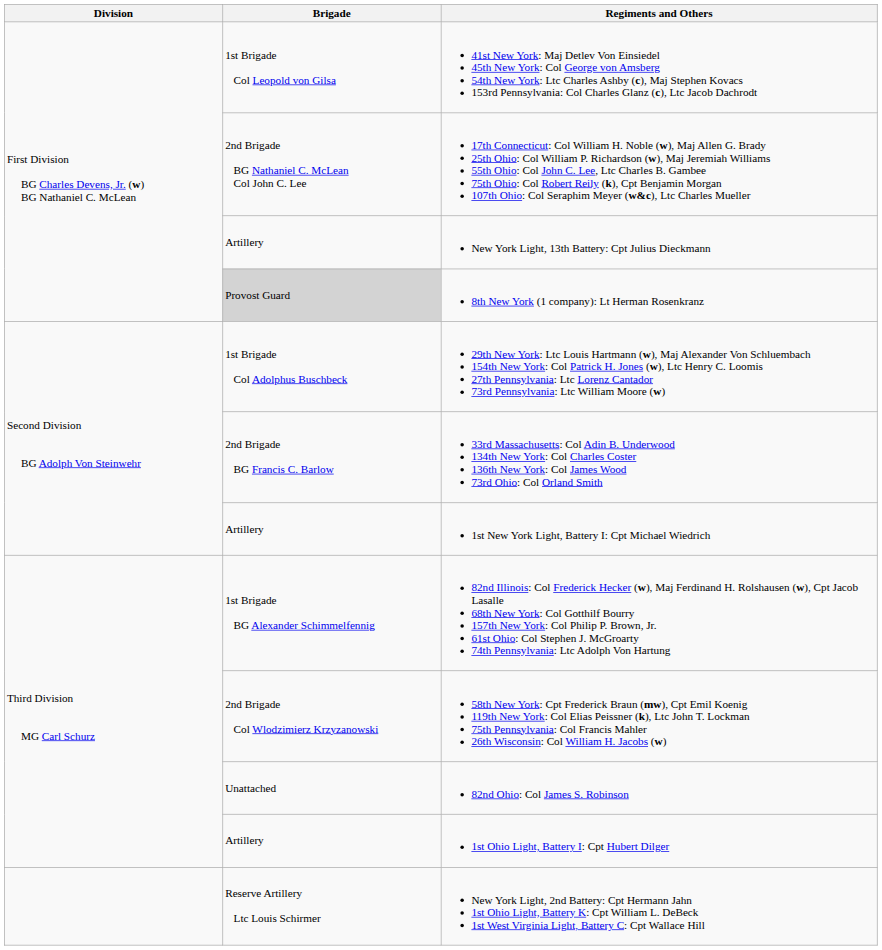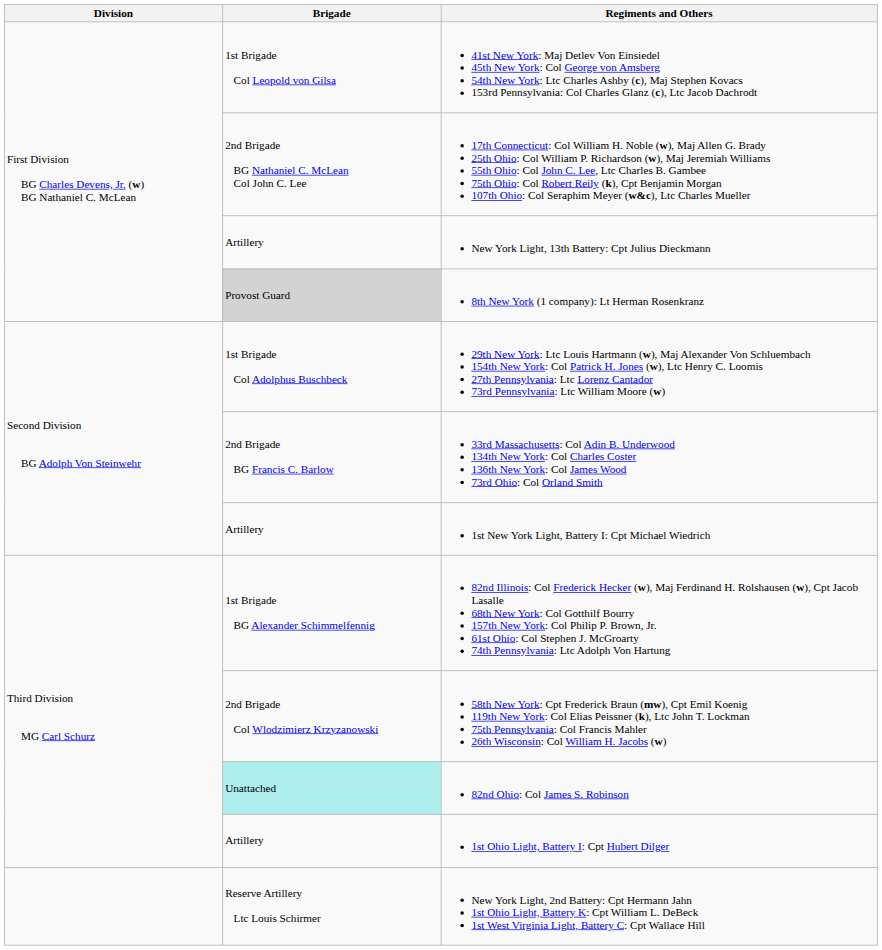 <table class="wikitable">
 <tr>
 <th width=25%>Division</th>
 <th width=25%>Brigade</th>
 <th>Regiments and Others</th>
 </tr>
 <tr>
 <td rowspan=4><br>First Division<br> <br>     BG <a href='#'>Charles Devens, Jr.</a> (<strong>w</strong>) <br>     BG Nathaniel C. McLean</td>
 <td>1st Brigade<br><br>   Col <a href='#'>Leopold von Gilsa</a></td>
 <td><br><ul><li><a href='#'>41st New York</a>: Maj Detlev Von Einsiedel</li><li><a href='#'>45th New York</a>: Col <a href='#'>George von Amsberg</a></li><li><a href='#'>54th New York</a>: Ltc Charles Ashby (<strong>c</strong>), Maj Stephen Kovacs</li><li>153rd Pennsylvania: Col Charles Glanz (<strong>c</strong>), Ltc Jacob Dachrodt</li></ul></td>
 </tr>
 <tr>
 <td>2nd Brigade<br><br>   BG <a href='#'>Nathaniel C. McLean</a> <br>   Col John C. Lee</td>
 <td><br><ul><li><a href='#'>17th Connecticut</a>: Col William H. Noble (<strong>w</strong>), Maj Allen G. Brady</li><li><a href='#'>25th Ohio</a>: Col William P. Richardson (<strong>w</strong>), Maj Jeremiah Williams</li><li><a href='#'>55th Ohio</a>: Col <a href='#'>John C. Lee</a>, Ltc Charles B. Gambee</li><li><a href='#'>75th Ohio</a>: Col <a href='#'>Robert Reily</a> (<strong>k</strong>), Cpt Benjamin Morgan</li><li><a href='#'>107th Ohio</a>: Col Seraphim Meyer (<strong>w&c</strong>), Ltc Charles Mueller</li></ul></td>
 </tr>
 <tr>
 <td>Artillery</td>
 <td><br><ul><li>New York Light, 13th Battery: Cpt Julius Dieckmann</li></ul></td>
 </tr>
 <tr>
 <td style="background: lightgrey;">Provost Guard</td>
 <td><br><ul><li><a href='#'>8th New York</a> (1 company): Lt Herman Rosenkranz</li></ul></td>
 </tr>
 <tr>
 <td rowspan=3><br>Second Division<br><br><br>     BG <a href='#'>Adolph Von Steinwehr</a></td>
 <td>1st Brigade<br><br>   Col <a href='#'>Adolphus Buschbeck</a></td>
 <td><br><ul><li><a href='#'>29th New York</a>: Ltc Louis Hartmann (<strong>w</strong>), Maj Alexander Von Schluembach</li><li><a href='#'>154th New York</a>: Col <a href='#'>Patrick H. Jones</a> (<strong>w</strong>), Ltc Henry C. Loomis</li><li><a href='#'>27th Pennsylvania</a>: Ltc <a href='#'>Lorenz Cantador</a></li><li><a href='#'>73rd Pennsylvania</a>: Ltc William Moore (<strong>w</strong>)</li></ul></td>
 </tr>
 <tr>
 <td>2nd Brigade<br><br>   BG <a href='#'>Francis C. Barlow</a></td>
 <td><br><ul><li><a href='#'>33rd Massachusetts</a>: Col <a href='#'>Adin B. Underwood</a></li><li><a href='#'>134th New York</a>: Col <a href='#'>Charles Coster</a></li><li><a href='#'>136th New York</a>: Col <a href='#'>James Wood</a></li><li><a href='#'>73rd Ohio</a>: Col <a href='#'>Orland Smith</a></li></ul></td>
 </tr>
 <tr>
 <td>Artillery</td>
 <td><br><ul><li>1st New York Light, Battery I: Cpt Michael Wiedrich</li></ul></td>
 </tr>
 <tr>
 <td rowspan=4><br>Third Division<br><br><br>     MG <a href='#'>Carl Schurz</a></td>
 <td>1st Brigade<br><br>   BG <a href='#'>Alexander Schimmelfennig</a></td>
 <td><br><ul><li><a href='#'>82nd Illinois</a>: Col <a href='#'>Frederick Hecker</a> (<strong>w</strong>), Maj Ferdinand H. Rolshausen (<strong>w</strong>), Cpt Jacob Lasalle</li><li><a href='#'>68th New York</a>: Col Gotthilf Bourry</li><li><a href='#'>157th New York</a>: Col Philip P. Brown, Jr.</li><li><a href='#'>61st Ohio</a>: Col Stephen J. McGroarty</li><li><a href='#'>74th Pennsylvania</a>: Ltc Adolph Von Hartung</li></ul></td>
 </tr>
 <tr>
 <td>2nd Brigade<br><br>   Col <a href='#'>Wlodzimierz Krzyzanowski</a></td>
 <td><br><ul><li><a href='#'>58th New York</a>: Cpt Frederick Braun (<strong>mw</strong>), Cpt Emil Koenig</li><li><a href='#'>119th New York</a>: Col Elias Peissner (<strong>k</strong>), Ltc John T. Lockman</li><li><a href='#'>75th Pennsylvania</a>: Col Francis Mahler</li><li><a href='#'>26th Wisconsin</a>: Col <a href='#'>William H. Jacobs</a> (<strong>w</strong>)</li></ul></td>
 </tr>
 <tr>
-<td>Unattached</td>
+<td style="background: paleturquoise;">Unattached</td>
 <td><br><ul><li><a href='#'>82nd Ohio</a>: Col <a href='#'>James S. Robinson</a></li></ul></td>
 </tr>
 <tr>
 <td>Artillery</td>
 <td><br><ul><li><a href='#'>1st Ohio Light, Battery I</a>: Cpt <a href='#'>Hubert Dilger</a></li></ul></td>
 </tr>
 <tr>
 <td></td>
 <td>Reserve Artillery<br><br>   Ltc Louis Schirmer</td>
 <td><br><ul><li>New York Light, 2nd Battery: Cpt Hermann Jahn</li><li><a href='#'>1st Ohio Light, Battery K</a>: Cpt William L. DeBeck</li><li><a href='#'>1st West Virginia Light, Battery C</a>: Cpt Wallace Hill</li></ul></td>
 </tr>
 </table>
